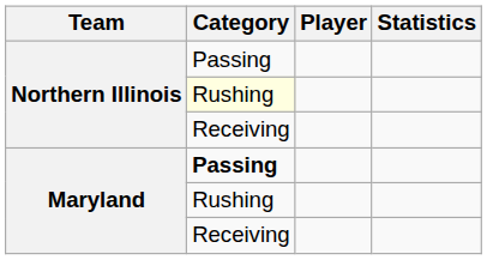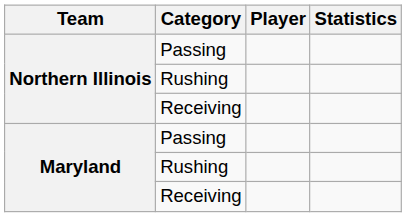 <table class="wikitable" style="float:right">
 <tr>
 <th>Team</th>
 <th>Category</th>
 <th>Player</th>
 <th>Statistics</th>
 </tr>
 <tr>
 <th rowspan=3>Northern Illinois</th>
 <td>Passing</td>
 <td></td>
 <td></td>
 </tr>
 <tr>
-<td style="background: lightyellow;">Rushing</td>
+<td>Rushing</td>
 <td></td>
 <td></td>
 </tr>
 <tr>
 <td>Receiving</td>
 <td></td>
 <td></td>
 </tr>
 <tr>
 <th rowspan=3>Maryland</th>
-<td><strong>Passing</strong></td>
+<td>Passing</td>
 <td></td>
 <td></td>
 </tr>
 <tr>
 <td>Rushing</td>
 <td></td>
 <td></td>
 </tr>
 <tr>
 <td>Receiving</td>
 <td></td>
 <td></td>
 </tr>
 </table>
